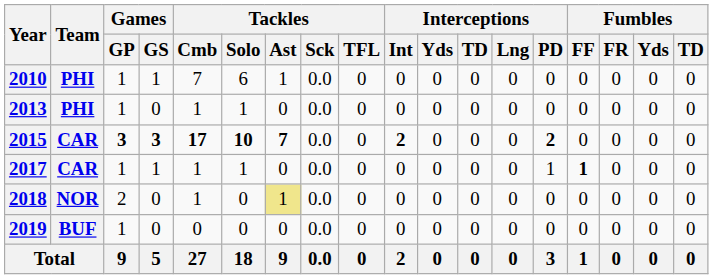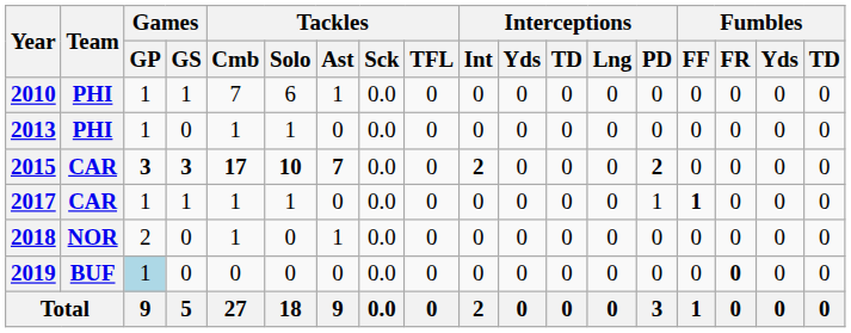 <table class="wikitable" style="text-align:center">
 <tr>
 <th rowspan="2">Year</th>
 <th rowspan="2">Team</th>
 <th colspan="2">Games</th>
 <th colspan="5">Tackles</th>
 <th colspan="5">Interceptions</th>
 <th colspan="4">Fumbles</th>
 </tr>
 <tr>
 <th>GP</th>
 <th>GS</th>
 <th>Cmb</th>
 <th>Solo</th>
 <th>Ast</th>
 <th>Sck</th>
 <th>TFL</th>
 <th>Int</th>
 <th>Yds</th>
 <th>TD</th>
 <th>Lng</th>
 <th>PD</th>
 <th>FF</th>
 <th>FR</th>
 <th>Yds</th>
 <th>TD</th>
 </tr>
 <tr>
 <th><a href='#'>2010</a></th>
 <th><a href='#'>PHI</a></th>
 <td>1</td>
 <td>1</td>
 <td>7</td>
 <td>6</td>
 <td>1</td>
 <td>0.0</td>
 <td>0</td>
 <td>0</td>
 <td>0</td>
 <td>0</td>
 <td>0</td>
 <td>0</td>
 <td>0</td>
 <td>0</td>
 <td>0</td>
 <td>0</td>
 </tr>
 <tr>
 <th><a href='#'>2013</a></th>
 <th><a href='#'>PHI</a></th>
 <td>1</td>
 <td>0</td>
 <td>1</td>
 <td>1</td>
 <td>0</td>
 <td>0.0</td>
 <td>0</td>
 <td>0</td>
 <td>0</td>
 <td>0</td>
 <td>0</td>
 <td>0</td>
 <td>0</td>
 <td>0</td>
 <td>0</td>
 <td>0</td>
 </tr>
 <tr>
 <th><a href='#'>2015</a></th>
 <th><a href='#'>CAR</a></th>
 <td><strong>3</strong></td>
 <td><strong>3</strong></td>
 <td><strong>17</strong></td>
 <td><strong>10</strong></td>
 <td><strong>7</strong></td>
 <td>0.0</td>
 <td>0</td>
 <td><strong>2</strong></td>
 <td>0</td>
 <td>0</td>
 <td>0</td>
 <td><strong>2</strong></td>
 <td>0</td>
 <td>0</td>
 <td>0</td>
 <td>0</td>
 </tr>
 <tr>
 <th><a href='#'>2017</a></th>
 <th><a href='#'>CAR</a></th>
 <td>1</td>
 <td>1</td>
 <td>1</td>
 <td>1</td>
 <td>0</td>
 <td>0.0</td>
 <td>0</td>
 <td>0</td>
 <td>0</td>
 <td>0</td>
 <td>0</td>
 <td>1</td>
 <td><strong>1</strong></td>
 <td>0</td>
 <td>0</td>
 <td>0</td>
 </tr>
 <tr>
 <th><a href='#'>2018</a></th>
 <th><a href='#'>NOR</a></th>
 <td>2</td>
 <td>0</td>
 <td>1</td>
 <td>0</td>
-<td style="background: khaki;">1</td>
+<td>1</td>
 <td>0.0</td>
 <td>0</td>
 <td>0</td>
 <td>0</td>
 <td>0</td>
 <td>0</td>
 <td>0</td>
 <td>0</td>
 <td>0</td>
 <td>0</td>
 <td>0</td>
 </tr>
 <tr>
 <th><a href='#'>2019</a></th>
 <th><a href='#'>BUF</a></th>
-<td>1</td>
+<td style="background: lightblue;">1</td>
 <td>0</td>
 <td>0</td>
 <td>0</td>
 <td>0</td>
 <td>0.0</td>
 <td>0</td>
 <td>0</td>
 <td>0</td>
 <td>0</td>
 <td>0</td>
 <td>0</td>
 <td>0</td>
-<td>0</td>
+<td><strong>0</strong></td>
 <td>0</td>
 <td>0</td>
 </tr>
 <tr>
 <th colspan="2">Total</th>
 <th>9</th>
 <th>5</th>
 <th>27</th>
 <th>18</th>
 <th>9</th>
 <th>0.0</th>
 <th>0</th>
 <th>2</th>
 <th>0</th>
 <th>0</th>
 <th>0</th>
 <th>3</th>
 <th>1</th>
 <th>0</th>
 <th>0</th>
 <th>0</th>
 </tr>
 </table>
